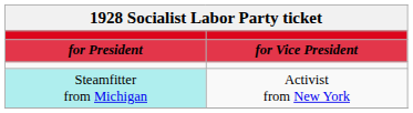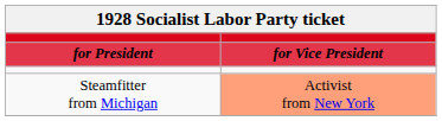 <table class="wikitable" style="font-size:90%; text-align:center;">
 <tr>
 <td style="background:#f1f1f1;" colspan="30"><big><strong>1928 Socialist Labor Party ticket</strong></big></td>
 </tr>
 <tr>
 <th style="width:3em; font-size:135%; background:#DD051D; width:200px;"><a href='#'></a></th>
 <th style="width:3em; font-size:135%; background:#DD051D; width:200px;"><a href='#'></a></th>
 </tr>
 <tr style="color:#000; font-size:100%; background:#e3364a;">
 <td style="width:3em; width:200px;"><strong><em>for President</em></strong></td>
 <td style="width:3em; width:200px;"><strong><em>for Vice President</em></strong></td>
 </tr>
 <tr>
 <td></td>
 </tr>
 <tr>
-<td style="background: paleturquoise;">Steamfitter<br>from <a href='#'>Michigan</a></td>
-<td>Activist<br>from <a href='#'>New York</a></td>
+<td>Steamfitter<br>from <a href='#'>Michigan</a></td>
+<td style="background: lightsalmon;">Activist<br>from <a href='#'>New York</a></td>
 </tr>
 <tr>
 </tr>
 <tr>
 </tr>
 </table>
